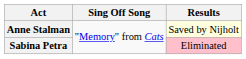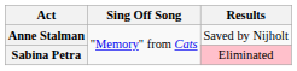 <table class="wikitable plainrowheaders" style="text-align:center;">
 <tr>
 <th scope="col">Act</th>
 <th scope="col">Sing Off Song</th>
 <th scope="col">Results</th>
 </tr>
 <tr>
 <th scope="row">Anne  Stalman</th>
 <td rowspan="2">"<a href='#'>Memory</a>" from <em><a href='#'>Cats</a></em></td>
-<td style="background: lightyellow;">Saved by Nijholt</td>
+<td>Saved by Nijholt</td>
 </tr>
 <tr>
 <th scope="row">Sabina Petra</th>
 <td style="background:pink;">Eliminated</td>
 </tr>
 </table>
